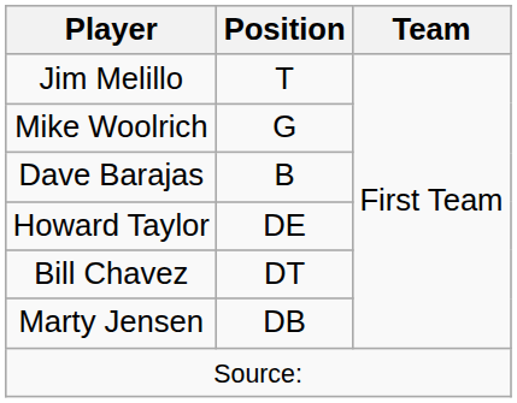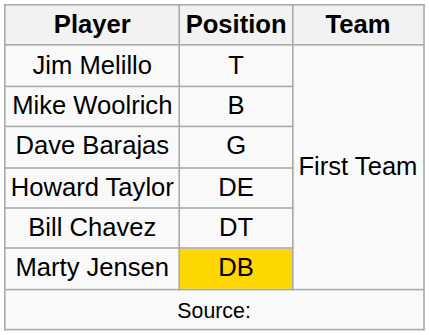 <table class="wikitable" style="text-align: center">
 <tr align=center>
 <th>Player</th>
 <th>Position</th>
 <th>Team</th>
 </tr>
 <tr>
 <td>Jim Melillo</td>
 <td>T</td>
 <td rowspan=6>First Team</td>
 </tr>
 <tr>
 <td>Mike Woolrich</td>
-<td>G</td>
+<td>B</td>
 </tr>
 <tr>
 <td>Dave Barajas</td>
-<td>B</td>
+<td>G</td>
 </tr>
 <tr>
 <td>Howard Taylor</td>
 <td>DE</td>
 </tr>
 <tr>
 <td>Bill Chavez</td>
 <td>DT</td>
 </tr>
 <tr>
 <td>Marty Jensen</td>
-<td>DB</td>
+<td style="background: gold;">DB</td>
 </tr>
 <tr>
 <td colspan="3"><small>Source:</small></td>
 </tr>
 </table>
